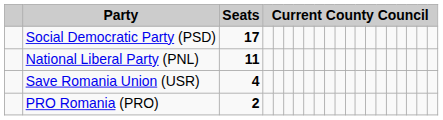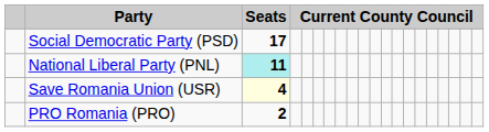 <table class="wikitable">
 <tr>
 <th style="background:#ccc">   </th>
 <th style="background:#ccc">Party</th>
 <th style="background:#ccc">Seats</th>
 <th style="background:#ccc" colspan="17">Current County Council</th>
 </tr>
 <tr>
 <td>  </td>
 <td><a href='#'>Social Democratic Party</a> (PSD)</td>
 <td style="text-align: right"><strong>17</strong></td>
 <td>  </td>
 <td>  </td>
 <td>  </td>
 <td>  </td>
 <td>  </td>
 <td>  </td>
 <td>  </td>
 <td>  </td>
 <td>  </td>
 <td>  </td>
 <td>  </td>
 <td>  </td>
 <td>  </td>
 <td>  </td>
 <td>  </td>
 <td>  </td>
 <td>  </td>
 </tr>
 <tr>
 <td>  </td>
 <td><a href='#'>National Liberal Party</a> (PNL)</td>
-<td style="text-align: right"><strong>11</strong></td>
+<td style="background: paleturquoise; text-align: right"><strong>11</strong></td>
 <td>  </td>
 <td>  </td>
 <td>  </td>
 <td>  </td>
 <td>  </td>
 <td>  </td>
 <td>  </td>
 <td>  </td>
 <td>  </td>
 <td>  </td>
 <td>  </td>
 <td> </td>
 <td> </td>
 <td> </td>
 <td> </td>
 <td> </td>
 <td> </td>
 </tr>
 <tr>
 <td>  </td>
 <td><a href='#'>Save Romania Union</a> (USR)</td>
-<td style="text-align: right"><strong>4</strong></td>
+<td style="background: lightyellow; text-align: right"><strong>4</strong></td>
 <td>  </td>
 <td>  </td>
 <td>  </td>
 <td>  </td>
 <td> </td>
 <td> </td>
 <td> </td>
 <td> </td>
 <td> </td>
 <td> </td>
 <td> </td>
 <td> </td>
 <td> </td>
 <td> </td>
 <td> </td>
 <td> </td>
 <td> </td>
 </tr>
 <tr>
 <td>  </td>
 <td><a href='#'>PRO Romania</a> (PRO)</td>
 <td style="text-align: right"><strong>2</strong></td>
 <td>  </td>
 <td>  </td>
 <td> </td>
 <td> </td>
 <td> </td>
 <td> </td>
 <td> </td>
 <td> </td>
 <td> </td>
 <td> </td>
 <td> </td>
 <td> </td>
 <td> </td>
 <td> </td>
 <td> </td>
 <td> </td>
 <td> </td>
 </tr>
 </table>
